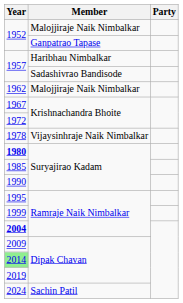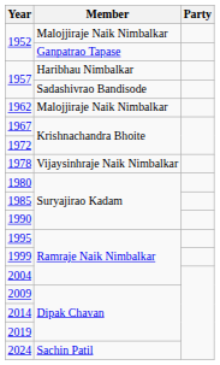 <table class="wikitable">
 <tr>
 <th>Year</th>
 <th>Member</th>
 <th colspan=2>Party</th>
 </tr>
 <tr>
 <td rowspan="2"><a href='#'>1952</a></td>
 <td>Malojjiraje Naik Nimbalkar</td>
 <td></td>
 </tr>
 <tr>
 <td><a href='#'>Ganpatrao Tapase</a></td>
 </tr>
 <tr>
 <td rowspan="2"><a href='#'>1957</a></td>
 <td>Haribhau Nimbalkar</td>
 <td></td>
 </tr>
 <tr>
 <td>Sadashivrao Bandisode</td>
 <td></td>
 </tr>
 <tr>
 <td><a href='#'>1962</a></td>
 <td>Malojjiraje Naik Nimbalkar</td>
 <td></td>
 </tr>
 <tr>
 <td><a href='#'>1967</a></td>
 <td rowspan="2">Krishnachandra Bhoite</td>
 </tr>
 <tr>
 <td><a href='#'>1972</a></td>
 </tr>
 <tr>
 <td><a href='#'>1978</a></td>
 <td>Vijaysinhraje Naik Nimbalkar</td>
 <td></td>
 </tr>
 <tr>
-<td><strong><a href='#'>1980</a></strong></td>
+<td><a href='#'>1980</a></td>
 <td rowspan=3>Suryajirao Kadam</td>
 <td></td>
 </tr>
 <tr>
 <td><a href='#'>1985</a></td>
 <td></td>
 </tr>
 <tr>
 <td><a href='#'>1990</a></td>
 <td></td>
 </tr>
 <tr>
 <td><a href='#'>1995</a></td>
 <td rowspan=3><a href='#'>Ramraje Naik Nimbalkar</a></td>
 <td></td>
 </tr>
 <tr>
 <td><a href='#'>1999</a></td>
 <td></td>
 </tr>
 <tr>
-<td><strong><a href='#'>2004</a></strong></td>
+<td><a href='#'>2004</a></td>
 </tr>
 <tr>
 <td><a href='#'>2009</a></td>
 <td rowspan="3"><a href='#'>Dipak Chavan</a></td>
 </tr>
 <tr>
-<td style="background: lightgreen;"><a href='#'>2014</a></td>
+<td><a href='#'>2014</a></td>
 </tr>
 <tr>
 <td><a href='#'>2019</a></td>
 </tr>
 <tr>
 <td><a href='#'>2024</a></td>
 <td><a href='#'>Sachin Patil</a></td>
 </tr>
 </table>
